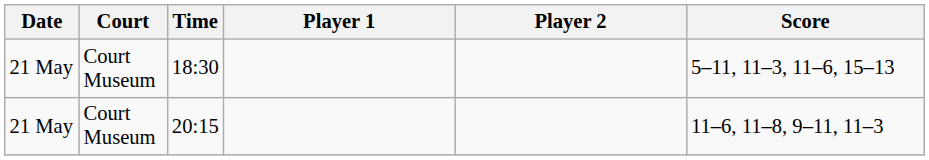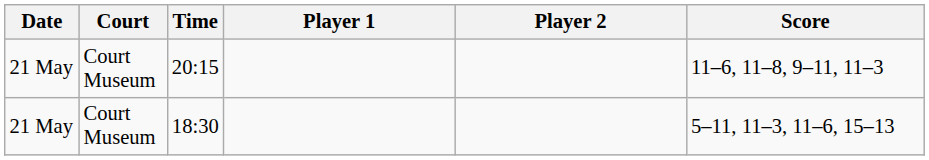 <table class="sortable wikitable" style="font-size:90%">
 <tr>
 <th width="45" class="unsortable">Date</th>
 <th width="55">Court</th>
 <th width="30">Time</th>
 <th width="155">Player 1</th>
 <th width="155">Player 2</th>
 <th width="160" class="unsortable">Score</th>
 </tr>
 <tr>
 <td>21 May</td>
 <td>Court Museum</td>
+<td>20:15</td>
+<td><strong></strong></td>
+<td></td>
+<td>11–6, 11–8, 9–11, 11–3</td>
+</tr>
+<tr>
+<td>21 May</td>
+<td>Court Museum</td>
 <td>18:30</td>
 <td><strong></strong></td>
 <td></td>
 <td>5–11, 11–3, 11–6, 15–13</td>
 </tr>
-<tr>
-<td>21 May</td>
-<td>Court Museum</td>
-<td>20:15</td>
-<td><strong></strong></td>
-<td></td>
-<td>11–6, 11–8, 9–11, 11–3</td>
-</tr>
 </table>
